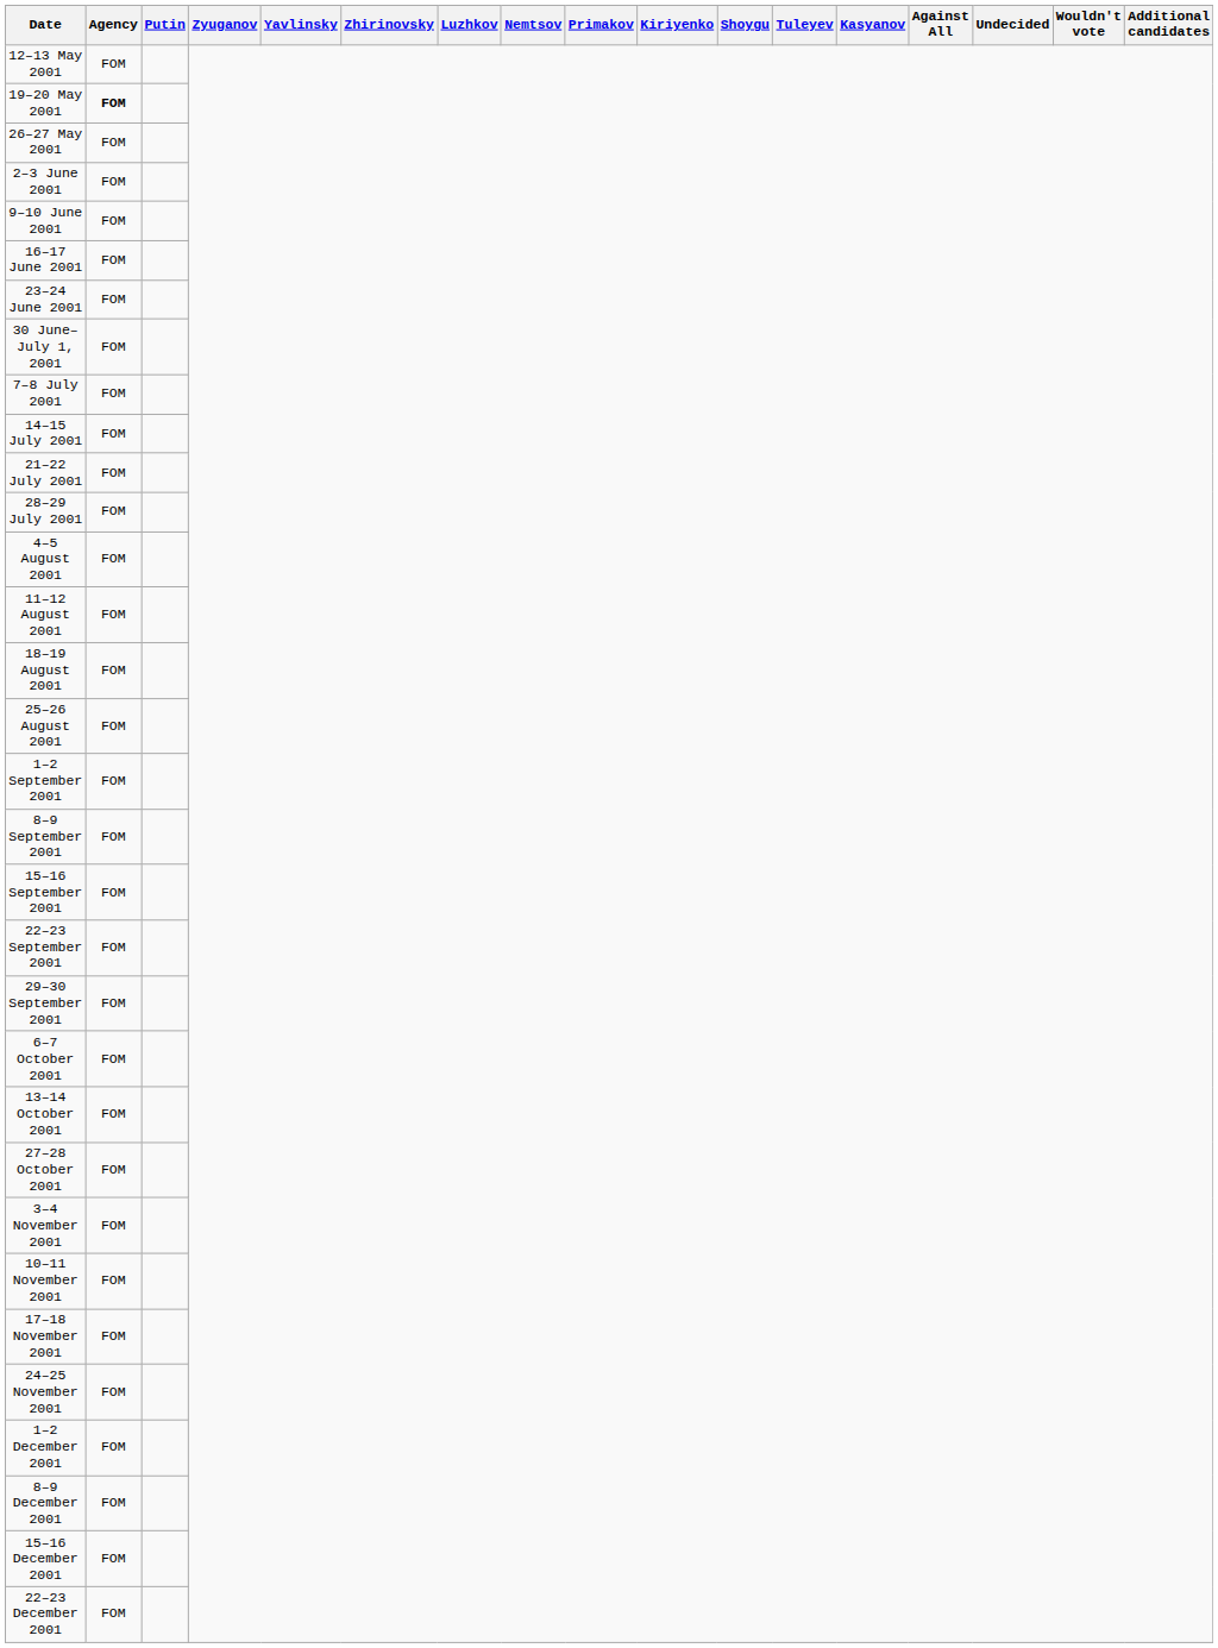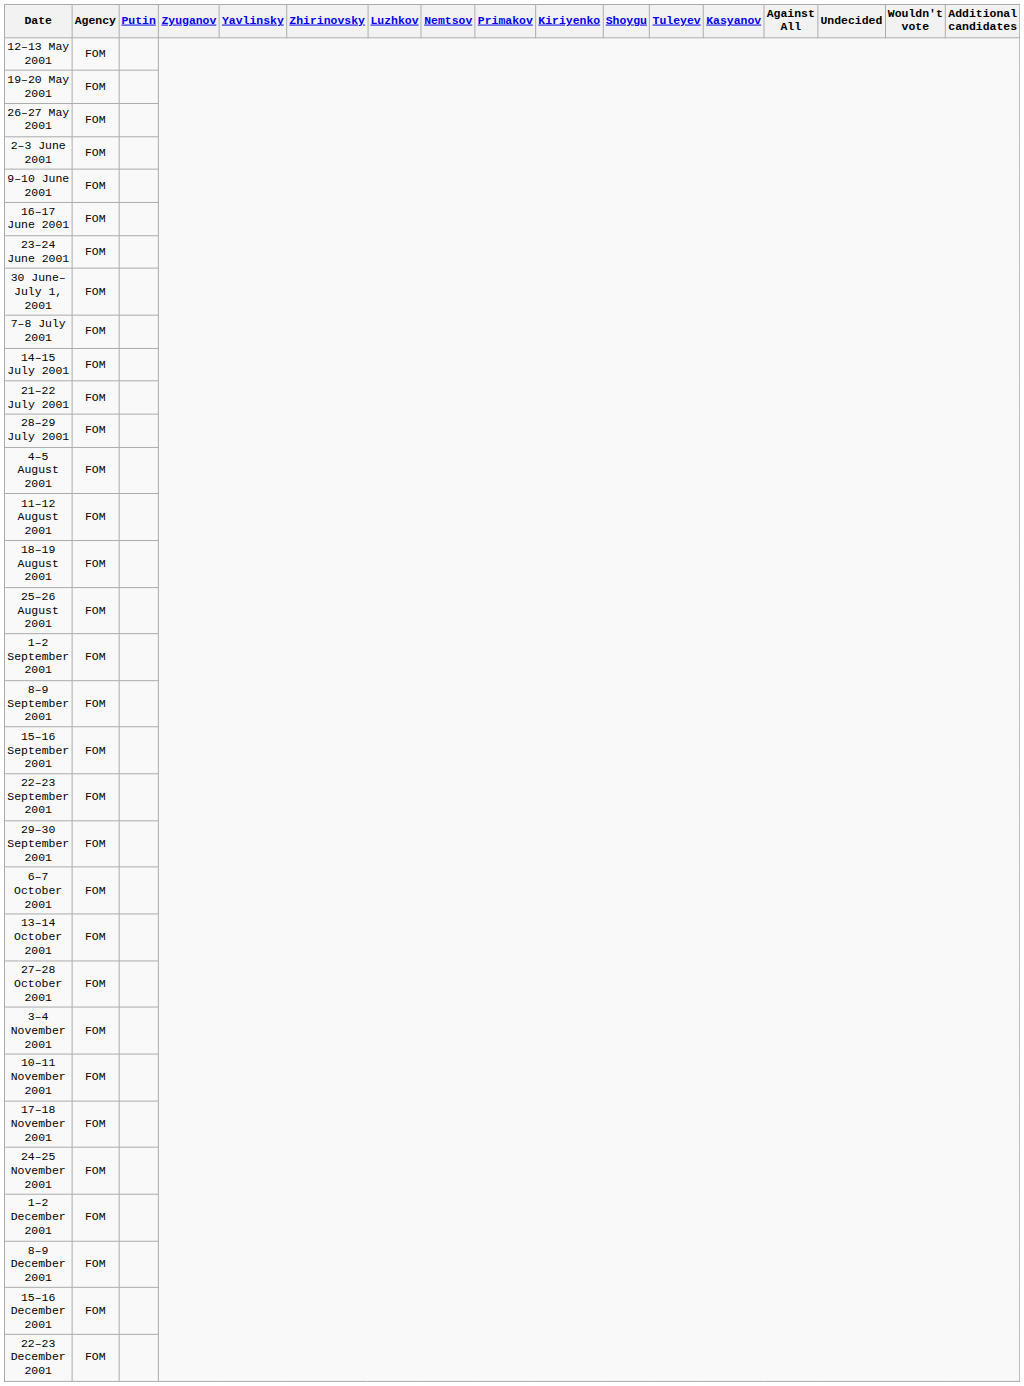 <table class=wikitable style="text-align:center; font-size:90%; line-height:14px">
 <tr>
 <th>Date</th>
 <th>Agency</th>
 <th><a href='#'>Putin</a></th>
 <th><a href='#'>Zyuganov</a></th>
 <th><a href='#'>Yavlinsky</a></th>
 <th><a href='#'>Zhirinovsky</a></th>
 <th><a href='#'>Luzhkov</a></th>
 <th><a href='#'>Nemtsov</a></th>
 <th><a href='#'>Primakov</a></th>
 <th><a href='#'>Kiriyenko</a></th>
 <th><a href='#'>Shoygu</a></th>
 <th><a href='#'>Tuleyev</a></th>
 <th><a href='#'>Kasyanov</a></th>
 <th>Against All</th>
 <th>Undecided</th>
 <th>Wouldn't vote</th>
 <th>Additional candidates</th>
 </tr>
 <tr>
 <td>12–13 May 2001</td>
 <td>FOM</td>
 <td></td>
 </tr>
 <tr>
 <td>19–20 May 2001</td>
-<td><strong>FOM</strong></td>
+<td>FOM</td>
 <td></td>
 </tr>
 <tr>
 <td>26–27 May 2001</td>
 <td>FOM</td>
 <td></td>
 </tr>
 <tr>
 <td>2–3 June 2001</td>
 <td>FOM</td>
 <td></td>
 </tr>
 <tr>
 <td>9–10 June 2001</td>
 <td>FOM</td>
 <td></td>
 </tr>
 <tr>
 <td>16–17 June 2001</td>
 <td>FOM</td>
 <td></td>
 </tr>
 <tr>
 <td>23–24 June 2001</td>
 <td>FOM</td>
 <td></td>
 </tr>
 <tr>
 <td>30 June–July 1, 2001</td>
 <td>FOM</td>
 <td></td>
 </tr>
 <tr>
 <td>7–8 July 2001</td>
 <td>FOM</td>
 <td></td>
 </tr>
 <tr>
 <td>14–15 July 2001</td>
 <td>FOM</td>
 <td></td>
 </tr>
 <tr>
 <td>21–22 July 2001</td>
 <td>FOM</td>
 <td></td>
 </tr>
 <tr>
 <td>28–29 July 2001</td>
 <td>FOM</td>
 <td></td>
 </tr>
 <tr>
 <td>4–5 August 2001</td>
 <td>FOM</td>
 <td></td>
 </tr>
 <tr>
 <td>11–12 August 2001</td>
 <td>FOM</td>
 <td></td>
 </tr>
 <tr>
 <td>18–19 August 2001</td>
 <td>FOM</td>
 <td></td>
 </tr>
 <tr>
 <td>25–26 August 2001</td>
 <td>FOM</td>
 <td></td>
 </tr>
 <tr>
 <td>1–2 September 2001</td>
 <td>FOM</td>
 <td></td>
 </tr>
 <tr>
 <td>8–9 September 2001</td>
 <td>FOM</td>
 <td></td>
 </tr>
 <tr>
 <td>15–16 September 2001</td>
 <td>FOM</td>
 <td></td>
 </tr>
 <tr>
 <td>22–23 September 2001</td>
 <td>FOM</td>
 <td></td>
 </tr>
 <tr>
 <td>29–30 September 2001</td>
 <td>FOM</td>
 <td></td>
 </tr>
 <tr>
 <td>6–7 October 2001</td>
 <td>FOM</td>
 <td></td>
 </tr>
 <tr>
 <td>13–14 October 2001</td>
 <td>FOM</td>
 <td></td>
 </tr>
 <tr>
 <td>27–28 October 2001</td>
 <td>FOM</td>
 <td></td>
 </tr>
 <tr>
 <td>3–4 November 2001</td>
 <td>FOM</td>
 <td></td>
 </tr>
 <tr>
 <td>10–11 November 2001</td>
 <td>FOM</td>
 <td></td>
 </tr>
 <tr>
 <td>17–18 November 2001</td>
 <td>FOM</td>
 <td></td>
 </tr>
 <tr>
 <td>24–25 November 2001</td>
 <td>FOM</td>
 <td></td>
 </tr>
 <tr>
 <td>1–2 December 2001</td>
 <td>FOM</td>
 <td></td>
 </tr>
 <tr>
 <td>8–9 December 2001</td>
 <td>FOM</td>
 <td></td>
 </tr>
 <tr>
 <td>15–16 December 2001</td>
 <td>FOM</td>
 <td></td>
 </tr>
 <tr>
 <td>22–23 December 2001</td>
 <td>FOM</td>
 <td></td>
 </tr>
 </table>
